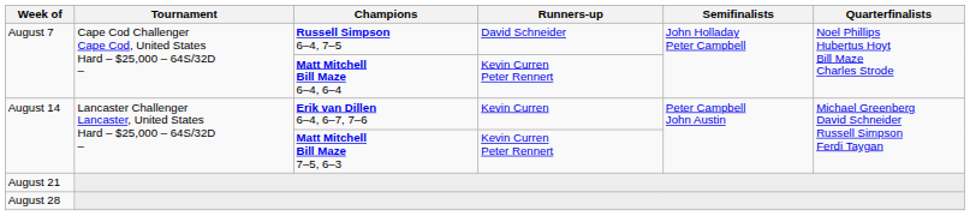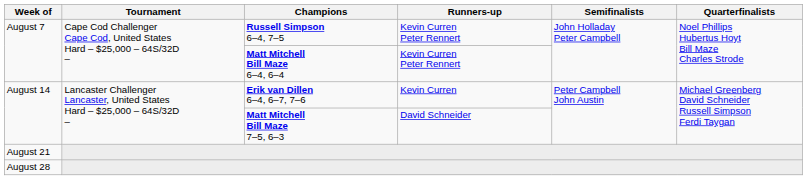 <table class="wikitable" style="font-size:85%;">
 <tr>
 <th width="75">Week of</th>
 <th width="250">Tournament</th>
 <th width="210">Champions</th>
 <th width="210">Runners-up</th>
 <th width="170">Semifinalists</th>
 <th width="170">Quarterfinalists</th>
 </tr>
 <tr valign="top">
 <td rowspan="2">August 7</td>
 <td rowspan="2">Cape Cod Challenger<br> <a href='#'>Cape Cod</a>, United States<br>Hard – $25,000 – 64S/32D<br>  – </td>
 <td> <strong><a href='#'>Russell Simpson</a></strong> <br>6–4, 7–5</td>
-<td> <a href='#'>David Schneider</a></td>
+<td> <a href='#'>Kevin Curren</a><br>  <a href='#'>Peter Rennert</a></td>
 <td rowspan="2"> <a href='#'>John Holladay</a> <br>  <a href='#'>Peter Campbell</a></td>
 <td rowspan="2"> <a href='#'>Noel Phillips</a> <br> <a href='#'>Hubertus Hoyt</a> <br> <a href='#'>Bill Maze</a> <br>  <a href='#'>Charles Strode</a></td>
 </tr>
 <tr valign="top">
 <td> <strong><a href='#'>Matt Mitchell</a></strong> <br> <strong><a href='#'>Bill Maze</a></strong><br>6–4, 6–4</td>
 <td> <a href='#'>Kevin Curren</a><br>  <a href='#'>Peter Rennert</a></td>
 </tr>
 <tr valign="top">
 <td rowspan="2">August 14</td>
 <td rowspan="2">Lancaster Challenger<br> <a href='#'>Lancaster</a>, United States<br>Hard – $25,000 – 64S/32D<br>  – </td>
 <td> <strong><a href='#'>Erik van Dillen</a></strong> <br>6–4, 6–7, 7–6</td>
 <td> <a href='#'>Kevin Curren</a></td>
 <td rowspan="2"> <a href='#'>Peter Campbell</a> <br>  <a href='#'>John Austin</a></td>
 <td rowspan="2"> <a href='#'>Michael Greenberg</a> <br> <a href='#'>David Schneider</a> <br> <a href='#'>Russell Simpson</a> <br>  <a href='#'>Ferdi Taygan</a></td>
 </tr>
 <tr valign="top">
 <td> <strong><a href='#'>Matt Mitchell</a></strong> <br> <strong><a href='#'>Bill Maze</a></strong><br>7–5, 6–3</td>
-<td> <a href='#'>Kevin Curren</a><br>  <a href='#'>Peter Rennert</a></td>
+<td> <a href='#'>David Schneider</a></td>
 </tr>
 <tr valign="top">
 <td rowspan="1">August 21</td>
 <td colspan="5" bgcolor="#ededed"></td>
 </tr>
 <tr valign="top">
 <td rowspan="1">August 28</td>
 <td colspan="5" bgcolor="#ededed"></td>
 </tr>
 </table>
